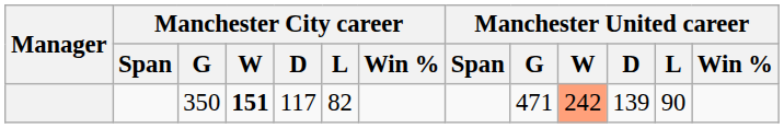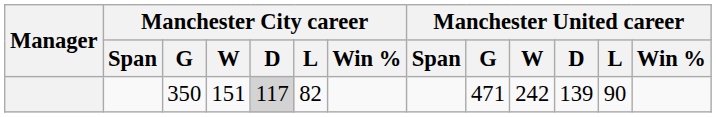 <table class="wikitable plainrowheaders" style="text-align:center">
 <tr>
 <th rowspan="2" scope="col">Manager</th>
 <th colspan="6" scope="col">Manchester City career</th>
 <th colspan="6" scope="col">Manchester United career</th>
 </tr>
 <tr>
 <th scope="col">Span</th>
 <th scope="col">G</th>
 <th scope="col">W</th>
 <th scope="col">D</th>
 <th scope="col">L</th>
 <th scope="col">Win %</th>
 <th scope="col">Span</th>
 <th scope="col">G</th>
 <th scope="col">W</th>
 <th scope="col">D</th>
 <th scope="col">L</th>
 <th scope="col">Win %</th>
 </tr>
 <tr>
 <th scope="row" align="left"></th>
 <td></td>
 <td>350</td>
-<td><strong>151</strong></td>
-<td>117</td>
+<td>151</td>
+<td style="background: lightgrey;">117</td>
 <td>82</td>
 <td></td>
 <td></td>
 <td>471</td>
-<td style="background: lightsalmon;">242</td>
+<td>242</td>
 <td>139</td>
 <td>90</td>
 <td></td>
 </tr>
 </table>
